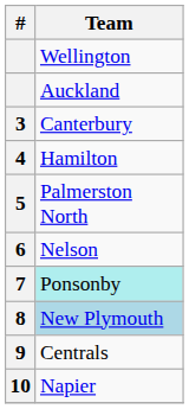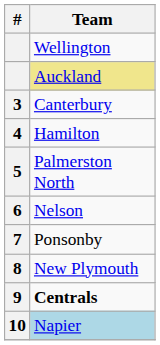 <table class="wikitable" width="15%" style="font-size:95%; text-align:center">
 <tr>
 <th>#</th>
 <th>Team</th>
 </tr>
 <tr>
 <th></th>
 <td align=left><a href='#'>Wellington</a></td>
 </tr>
 <tr>
 <th></th>
-<td align=left><a href='#'>Auckland</a></td>
+<td align=left style="background: khaki;"><a href='#'>Auckland</a></td>
 </tr>
 <tr>
 <th>3</th>
 <td align=left><a href='#'>Canterbury</a></td>
 </tr>
 <tr>
 <th>4</th>
 <td align=left><a href='#'>Hamilton</a></td>
 </tr>
 <tr>
 <th>5</th>
 <td align=left><a href='#'>Palmerston North</a></td>
 </tr>
 <tr>
 <th>6</th>
 <td align=left><a href='#'>Nelson</a></td>
 </tr>
 <tr>
 <th>7</th>
-<td align=left style="background: paleturquoise;">Ponsonby</td>
+<td align=left>Ponsonby</td>
 </tr>
 <tr>
 <th>8</th>
-<td align=left style="background: lightblue;"><a href='#'>New Plymouth</a></td>
+<td align=left><a href='#'>New Plymouth</a></td>
 </tr>
 <tr>
 <th>9</th>
-<td align=left>Centrals</td>
+<td align=left><strong>Centrals</strong></td>
 </tr>
 <tr>
 <th>10</th>
-<td align=left><a href='#'>Napier</a></td>
+<td align=left style="background: lightblue;"><a href='#'>Napier</a></td>
 </tr>
 <tr>
 </tr>
 </table>
